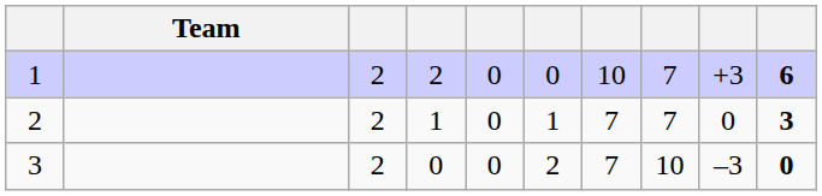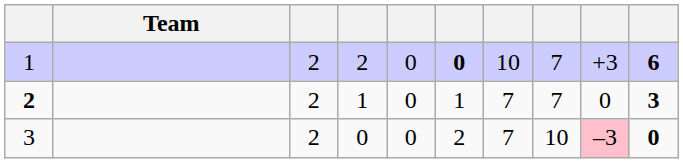 <table class="wikitable" style="text-align: center; font-size: 100%;">
 <tr>
 <th width="25"></th>
 <th width="150">Team</th>
 <th width="25"></th>
 <th width="25"></th>
 <th width="25"></th>
 <th width="25"></th>
 <th width="25"></th>
 <th width="25"></th>
 <th width="25"></th>
 <th width="25"></th>
 </tr>
 <tr style="background-color: #ccccff;">
 <td>1</td>
 <td align=left></td>
 <td>2</td>
 <td>2</td>
 <td>0</td>
-<td>0</td>
+<td><strong>0</strong></td>
 <td>10</td>
 <td>7</td>
 <td>+3</td>
 <td><strong>6</strong></td>
 </tr>
 <tr>
-<td>2</td>
+<td><strong>2</strong></td>
 <td align=left></td>
 <td>2</td>
 <td>1</td>
 <td>0</td>
 <td>1</td>
 <td>7</td>
 <td>7</td>
 <td>0</td>
 <td><strong>3</strong></td>
 </tr>
 <tr>
 <td>3</td>
 <td align=left></td>
 <td>2</td>
 <td>0</td>
 <td>0</td>
 <td>2</td>
 <td>7</td>
 <td>10</td>
-<td>–3</td>
+<td style="background: pink;">–3</td>
 <td><strong>0</strong></td>
 </tr>
 </table>
